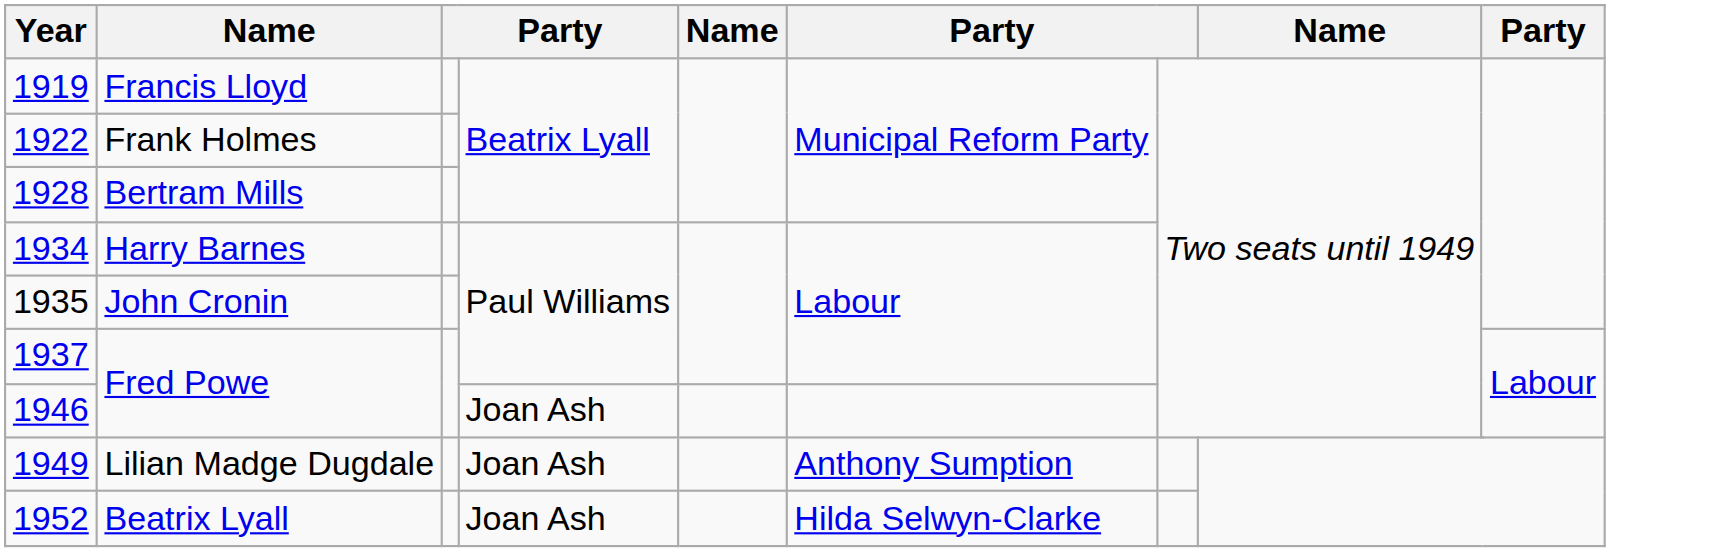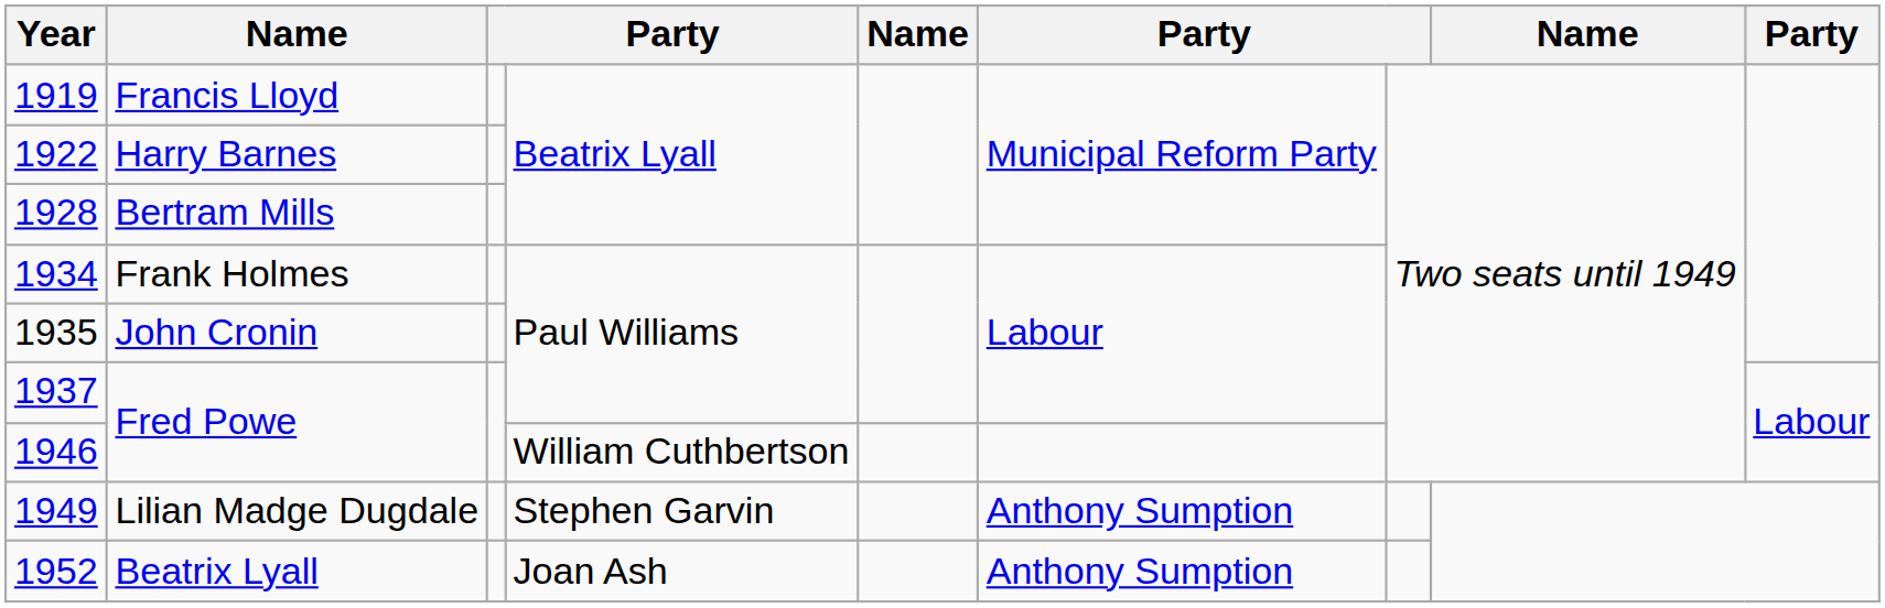 <table class="wikitable">
 <tr>
 <th>Year</th>
 <th>Name</th>
 <th colspan=2>Party</th>
 <th>Name</th>
 <th colspan=2>Party</th>
 <th>Name</th>
 <th colspan=2>Party</th>
 </tr>
 <tr>
 <td><a href='#'>1919</a></td>
 <td><a href='#'>Francis Lloyd</a></td>
 <td></td>
 <td rowspan=3><a href='#'>Beatrix Lyall</a></td>
 <td rowspan=3 style="background-color: "></td>
 <td rowspan=3><a href='#'>Municipal Reform Party</a></td>
 <td rowspan=7 colspan=3 align="center"><em>Two seats until 1949</em></td>
 </tr>
 <tr>
 <td><a href='#'>1922</a></td>
-<td>Frank Holmes</td>
+<td><a href='#'>Harry Barnes</a></td>
 <td></td>
 </tr>
 <tr>
 <td><a href='#'>1928</a></td>
 <td><a href='#'>Bertram Mills</a></td>
 <td></td>
 </tr>
 <tr>
 <td><a href='#'>1934</a></td>
-<td><a href='#'>Harry Barnes</a></td>
+<td>Frank Holmes</td>
 <td></td>
 <td rowspan=3>Paul Williams</td>
 <td rowspan=3 style="background-color: "></td>
 <td rowspan=3><a href='#'>Labour</a></td>
 </tr>
 <tr>
 <td>1935</td>
 <td><a href='#'>John Cronin</a></td>
 <td></td>
 </tr>
 <tr>
 <td><a href='#'>1937</a></td>
 <td rowspan=2><a href='#'>Fred Powe</a></td>
 <td rowspan=2 style="background-color: "></td>
 <td rowspan=2><a href='#'>Labour</a></td>
 </tr>
 <tr>
 <td><a href='#'>1946</a></td>
-<td>Joan Ash</td>
+<td>William Cuthbertson</td>
 <td></td>
 </tr>
 <tr>
 <td><a href='#'>1949</a></td>
 <td>Lilian Madge Dugdale</td>
 <td></td>
-<td>Joan Ash</td>
+<td>Stephen Garvin</td>
 <td></td>
 <td><a href='#'>Anthony Sumption</a></td>
 <td></td>
 </tr>
 <tr>
 <td><a href='#'>1952</a></td>
 <td><a href='#'>Beatrix Lyall</a></td>
 <td></td>
 <td>Joan Ash</td>
 <td></td>
-<td><a href='#'>Hilda Selwyn-Clarke</a></td>
+<td><a href='#'>Anthony Sumption</a></td>
 <td></td>
 </tr>
 </table>
